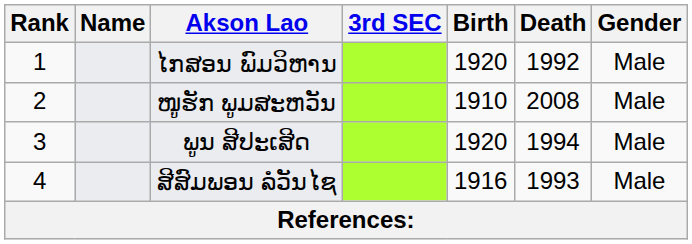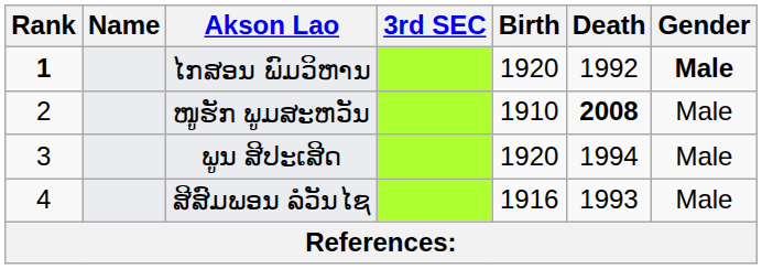 <table class="wikitable sortable" style=text-align:center>
 <tr>
 <th>Rank</th>
 <th>Name</th>
 <th class="unsortable"><a href='#'>Akson Lao</a></th>
 <th unsortable><a href='#'>3rd SEC</a></th>
 <th>Birth</th>
 <th>Death</th>
 <th>Gender</th>
 </tr>
 <tr>
-<td>1</td>
+<td><strong>1</strong></td>
 <td bgcolor = #EAECF0></td>
 <td bgcolor = #EAECF0>ໄກສອນ ພົມວິຫານ</td>
 <td bgcolor = GreenYellow></td>
 <td>1920</td>
 <td>1992</td>
-<td>Male</td>
+<td><strong>Male</strong></td>
 </tr>
 <tr>
 <td>2</td>
 <td bgcolor = #EAECF0></td>
 <td bgcolor = #EAECF0>ໜູຮັກ ພູມສະຫວັນ</td>
 <td bgcolor = GreenYellow></td>
 <td>1910</td>
-<td>2008</td>
+<td><strong>2008</strong></td>
 <td>Male</td>
 </tr>
 <tr>
 <td>3</td>
 <td bgcolor = #EAECF0></td>
 <td bgcolor = #EAECF0>ພູນ ສີປະເສີດ</td>
 <td bgcolor = GreenYellow></td>
 <td>1920</td>
 <td>1994</td>
 <td>Male</td>
 </tr>
 <tr>
 <td>4</td>
 <td bgcolor = #EAECF0></td>
 <td bgcolor = #EAECF0>ສີສົມພອນ ລໍວັນໄຊ</td>
 <td bgcolor = GreenYellow></td>
 <td>1916</td>
 <td>1993</td>
 <td>Male</td>
 </tr>
 <tr class=sortbottom>
 <th colspan = "8" align = left><strong>References:</strong><br></th>
 </tr>
 </table>
